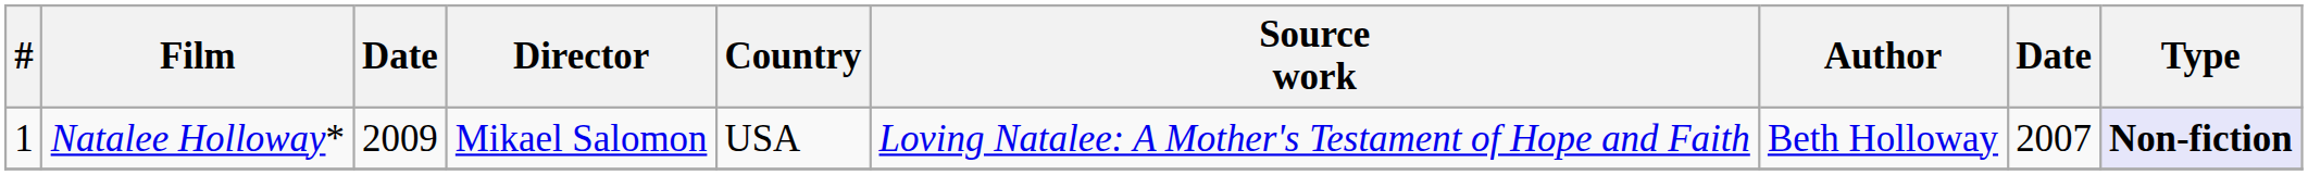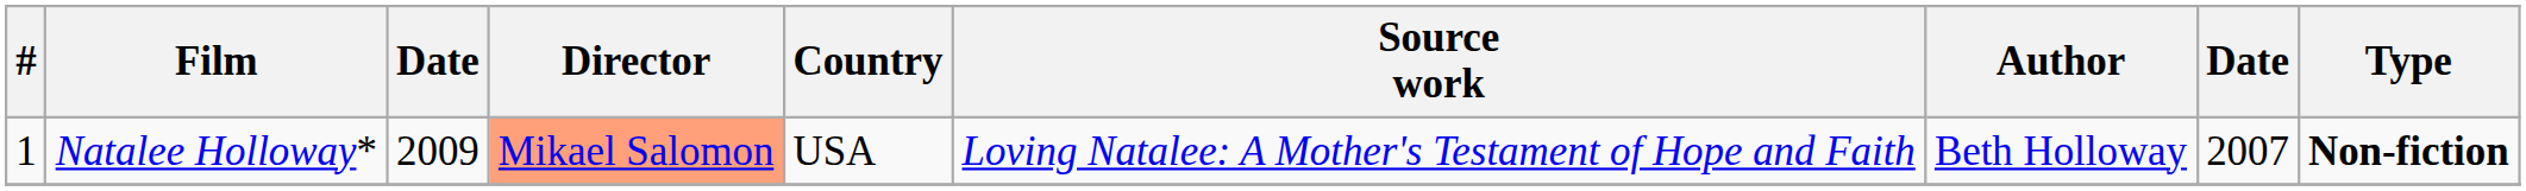 <table class="wikitable">
 <tr>
 <th>#</th>
 <th>Film</th>
 <th>Date</th>
 <th>Director</th>
 <th>Country</th>
 <th>Source<br>work</th>
 <th>Author</th>
 <th>Date</th>
 <th>Type</th>
 </tr>
 <tr>
 <td>1</td>
 <td><em><a href='#'>Natalee Holloway</a></em>*</td>
 <td>2009</td>
-<td><a href='#'>Mikael Salomon</a></td>
+<td style="background: lightsalmon;"><a href='#'>Mikael Salomon</a></td>
 <td>USA</td>
 <td><em><a href='#'>Loving Natalee: A Mother's Testament of Hope and Faith</a></em></td>
 <td><a href='#'>Beth Holloway</a></td>
 <td>2007</td>
-<td style="background: lavender;"><strong>Non-fiction</strong></td>
+<td><strong>Non-fiction</strong></td>
 </tr>
 <tr>
 </tr>
 </table>
